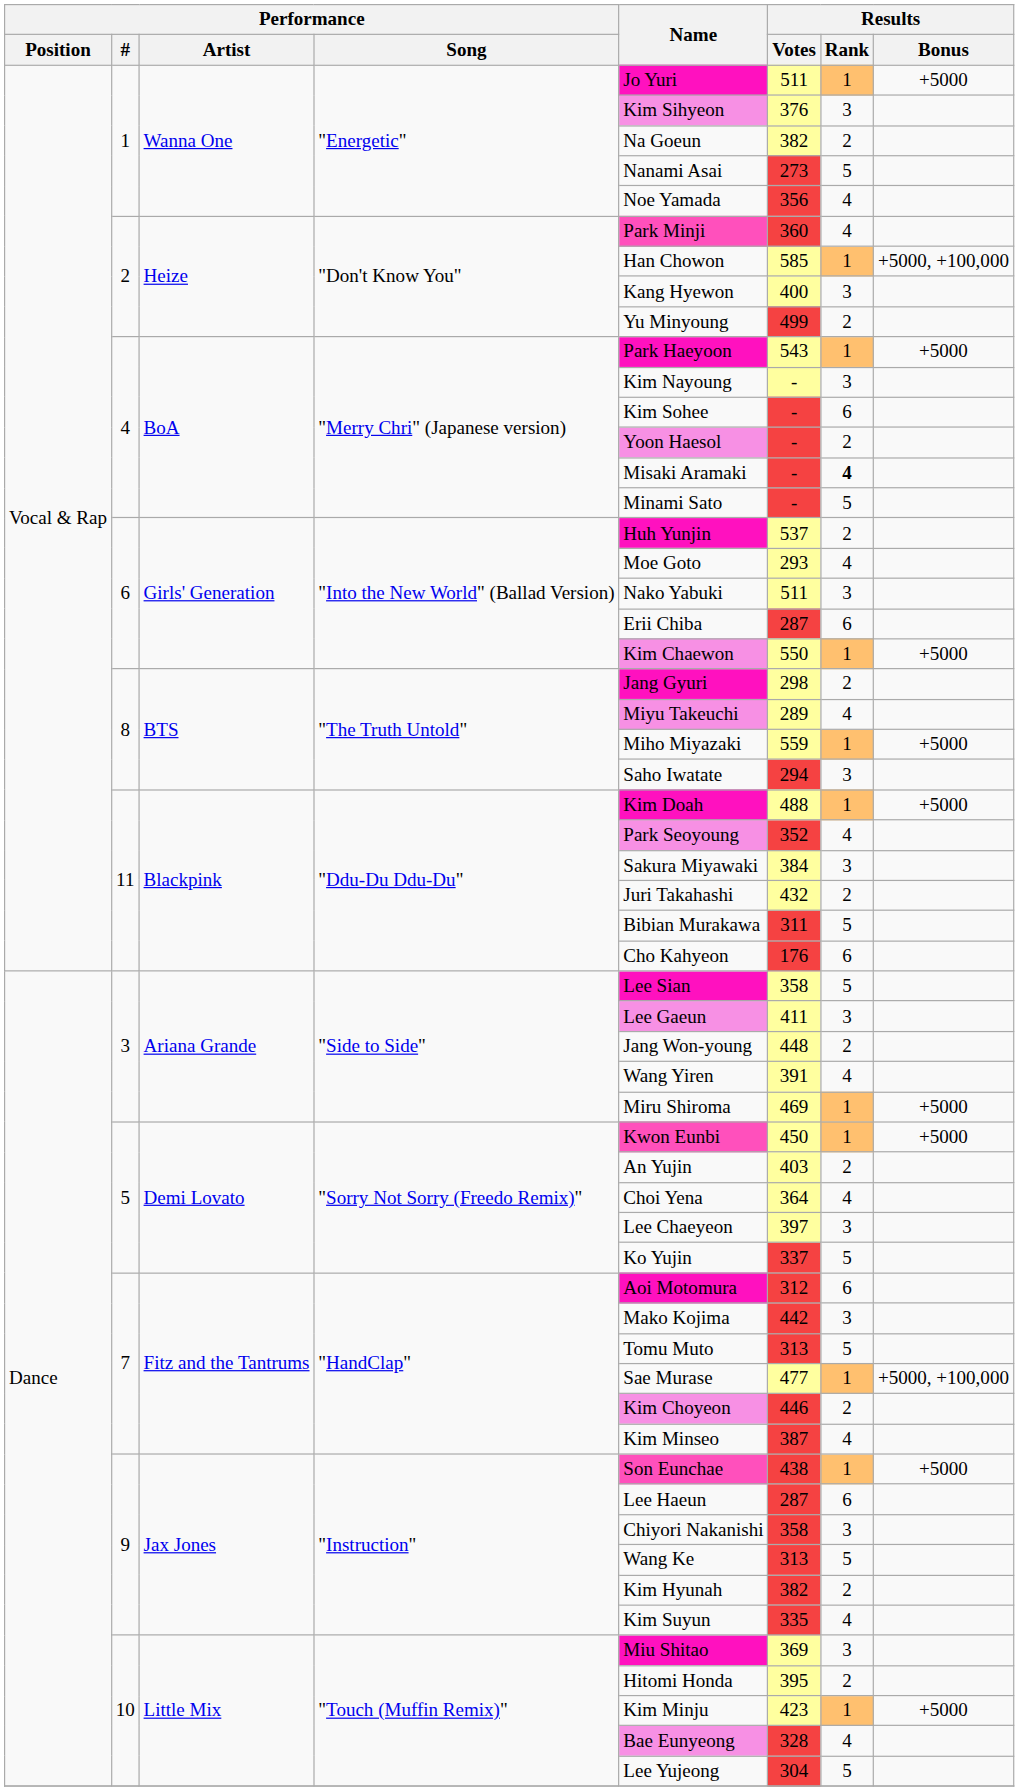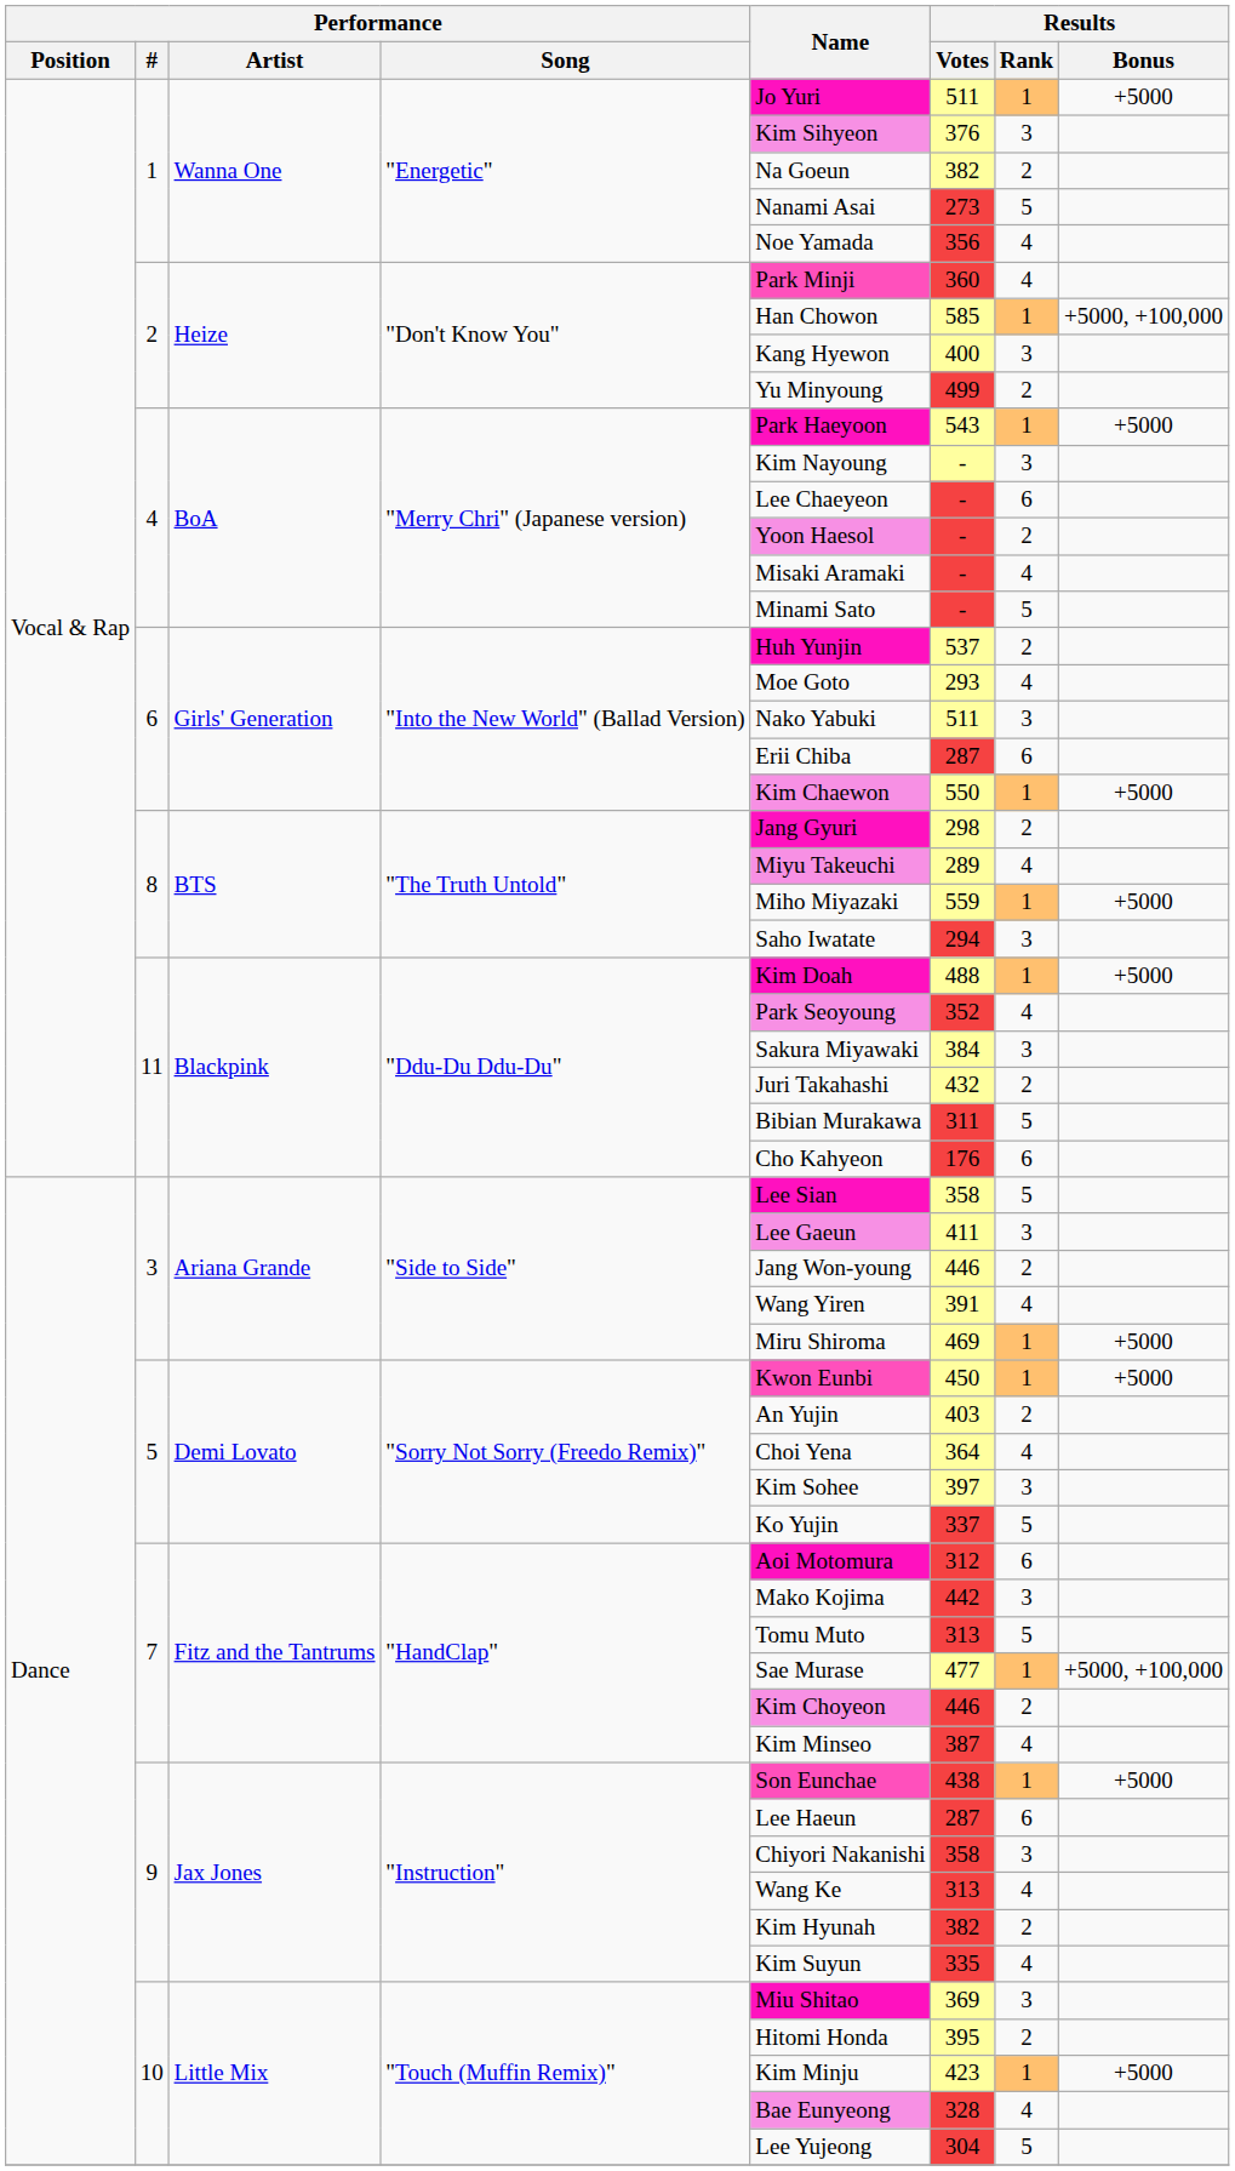 <table class="wikitable sortable" style="text-align:center;">
 <tr>
 <th colspan=4>Performance</th>
 <th rowspan=2>Name</th>
 <th colspan=6>Results</th>
 </tr>
 <tr>
 <th>Position</th>
 <th>#</th>
 <th class=unsortable>Artist</th>
 <th class=unsortable>Song</th>
 <th>Votes</th>
 <th>Rank</th>
 <th>Bonus</th>
 </tr>
 <tr>
 <td rowspan=30 align=left>Vocal & Rap</td>
 <td rowspan=5>1</td>
 <td rowspan=5 align=left><a href='#'>Wanna One</a></td>
 <td rowspan=5 align=left>"<a href='#'>Energetic</a>"</td>
 <td align=left style=background:#FF11BF;>Jo Yuri</td>
 <td style="background:#FFFF9F">511</td>
 <td style=background:#FFC06F;>1</td>
 <td>+5000</td>
 </tr>
 <tr>
 <td align=left style=background:#F790E4;>Kim Sihyeon</td>
 <td style="background:#FFFF9F">376</td>
 <td>3</td>
 <td> </td>
 </tr>
 <tr>
 <td align=left>Na Goeun</td>
 <td style="background:#FFFF9F">382</td>
 <td>2</td>
 <td> </td>
 </tr>
 <tr>
 <td align=left>Nanami Asai</td>
 <td style="background:#F54242">273</td>
 <td>5</td>
 <td> </td>
 </tr>
 <tr>
 <td align=left>Noe Yamada</td>
 <td style="background:#F54242">356</td>
 <td>4</td>
 <td> </td>
 </tr>
 <tr>
 <td rowspan=4>2</td>
 <td rowspan=4 align=left><a href='#'>Heize</a></td>
 <td rowspan=4 align=left>"Don't Know You"</td>
 <td align=left style=background:#FF50BC;>Park Minji</td>
 <td style="background:#F54242">360</td>
 <td>4</td>
 <td> </td>
 </tr>
 <tr>
 <td align=left>Han Chowon</td>
 <td style="background:#FFFF9F">585</td>
 <td style=background:#FFC06F;>1</td>
 <td>+5000, +100,000</td>
 </tr>
 <tr>
 <td align=left>Kang Hyewon</td>
 <td style="background:#FFFF9F">400</td>
 <td>3</td>
 <td> </td>
 </tr>
 <tr>
 <td align=left>Yu Minyoung</td>
 <td style="background:#F54242">499</td>
 <td>2</td>
 <td> </td>
 </tr>
 <tr>
 <td rowspan=6>4</td>
 <td rowspan=6 align=left><a href='#'>BoA</a></td>
 <td rowspan=6 align=left>"<a href='#'>Merry Chri</a>" (Japanese version)</td>
 <td align=left style=background:#FF11BF;>Park Haeyoon</td>
 <td style="background:#FFFF9F">543</td>
 <td style=background:#FFC06F;>1</td>
 <td>+5000</td>
 </tr>
 <tr>
 <td align=left>Kim Nayoung</td>
 <td style="background:#FFFF9F">-</td>
 <td>3</td>
 <td> </td>
 </tr>
 <tr>
-<td align=left>Kim Sohee</td>
+<td align=left>Lee Chaeyeon</td>
 <td style="background:#F54242">-</td>
 <td>6</td>
 <td> </td>
 </tr>
 <tr>
 <td align=left style=background:#F790E4;>Yoon Haesol</td>
 <td style="background:#F54242">-</td>
 <td>2</td>
 <td> </td>
 </tr>
 <tr>
 <td align=left>Misaki Aramaki</td>
 <td style="background:#F54242">-</td>
-<td><strong>4</strong></td>
+<td>4</td>
 <td> </td>
 </tr>
 <tr>
 <td align=left>Minami Sato</td>
 <td style="background:#F54242">-</td>
 <td>5</td>
 <td> </td>
 </tr>
 <tr>
 <td rowspan=5>6</td>
 <td rowspan=5 align=left><a href='#'>Girls' Generation</a></td>
 <td rowspan=5 align=left>"<a href='#'>Into the New World</a>" (Ballad Version)</td>
 <td align=left style=background:#FF11BF;>Huh Yunjin</td>
 <td style="background:#FFFF9F">537</td>
 <td>2</td>
 <td> </td>
 </tr>
 <tr>
 <td align=left>Moe Goto</td>
 <td style="background:#FFFF9F">293</td>
 <td>4</td>
 <td> </td>
 </tr>
 <tr>
 <td align=left>Nako Yabuki</td>
 <td style="background:#FFFF9F">511</td>
 <td>3</td>
 <td> </td>
 </tr>
 <tr>
 <td align=left>Erii Chiba</td>
 <td style="background:#F54242">287</td>
 <td>6</td>
 <td> </td>
 </tr>
 <tr>
 <td align=left style=background:#F790E4;>Kim Chaewon</td>
 <td style="background:#FFFF9F">550</td>
 <td style=background:#FFC06F;>1</td>
 <td>+5000</td>
 </tr>
 <tr>
 <td rowspan=4>8</td>
 <td rowspan=4 align=left><a href='#'>BTS</a></td>
 <td rowspan=4 align=left>"<a href='#'>The Truth Untold</a>"</td>
 <td align=left style=background:#FF11BF;>Jang Gyuri</td>
 <td style="background:#FFFF9F">298</td>
 <td>2</td>
 <td> </td>
 </tr>
 <tr>
 <td align=left style=background:#F790E4;>Miyu Takeuchi</td>
 <td style="background:#FFFF9F">289</td>
 <td>4</td>
 <td> </td>
 </tr>
 <tr>
 <td align=left>Miho Miyazaki</td>
 <td style="background:#FFFF9F">559</td>
 <td style=background:#FFC06F;>1</td>
 <td>+5000</td>
 </tr>
 <tr>
 <td align=left>Saho Iwatate</td>
 <td style="background:#F54242">294</td>
 <td>3</td>
 <td> </td>
 </tr>
 <tr>
 <td rowspan=6>11</td>
 <td rowspan=6 align=left><a href='#'>Blackpink</a></td>
 <td rowspan=6 align=left>"<a href='#'>Ddu-Du Ddu-Du</a>"</td>
 <td align=left style=background:#FF11BF;>Kim Doah</td>
 <td style="background:#FFFF9F">488</td>
 <td style=background:#FFC06F;>1</td>
 <td>+5000</td>
 </tr>
 <tr>
 <td align=left style=background:#F790E4;>Park Seoyoung</td>
 <td style="background:#F54242">352</td>
 <td>4</td>
 <td> </td>
 </tr>
 <tr>
 <td align=left>Sakura Miyawaki</td>
 <td style="background:#FFFF9F">384</td>
 <td>3</td>
 <td> </td>
 </tr>
 <tr>
 <td align=left>Juri Takahashi</td>
 <td style="background:#FFFF9F">432</td>
 <td>2</td>
 <td> </td>
 </tr>
 <tr>
 <td align=left>Bibian Murakawa</td>
 <td style="background:#F54242">311</td>
 <td>5</td>
 <td> </td>
 </tr>
 <tr>
 <td align=left>Cho Kahyeon</td>
 <td style="background:#F54242">176</td>
 <td>6</td>
 <td> </td>
 </tr>
 <tr>
 <td rowspan=27 align=left>Dance</td>
 <td rowspan=5>3</td>
 <td rowspan=5 align=left><a href='#'>Ariana Grande</a></td>
 <td rowspan=5 align=left>"<a href='#'>Side to Side</a>"</td>
 <td align=left style=background:#FF11BF;>Lee Sian</td>
 <td style="background:#FFFF9F">358</td>
 <td>5</td>
 <td> </td>
 </tr>
 <tr>
 <td align=left style=background:#F790E4;>Lee Gaeun</td>
 <td style="background:#FFFF9F">411</td>
 <td>3</td>
 <td> </td>
 </tr>
 <tr>
 <td align=left>Jang Won-young</td>
-<td style="background:#FFFF9F">448</td>
+<td style="background:#FFFF9F">446</td>
 <td>2</td>
 <td> </td>
 </tr>
 <tr>
 <td align=left>Wang Yiren</td>
 <td style="background:#FFFF9F">391</td>
 <td>4</td>
 <td> </td>
 </tr>
 <tr>
 <td align=left>Miru Shiroma</td>
 <td style="background:#FFFF9F">469</td>
 <td style=background:#FFC06F;>1</td>
 <td>+5000</td>
 </tr>
 <tr>
 <td rowspan=5>5</td>
 <td rowspan=5 align=left><a href='#'>Demi Lovato</a></td>
 <td rowspan=5 align=left>"<a href='#'>Sorry Not Sorry (Freedo Remix)</a>"</td>
 <td align=left style=background:#FF50BC;>Kwon Eunbi</td>
 <td style="background:#FFFF9F">450</td>
 <td style=background:#FFC06F;>1</td>
 <td>+5000</td>
 </tr>
 <tr>
 <td align=left>An Yujin</td>
 <td style="background:#FFFF9F">403</td>
 <td>2</td>
 <td> </td>
 </tr>
 <tr>
 <td align=left>Choi Yena</td>
 <td style="background:#FFFF9F">364</td>
 <td>4</td>
 <td> </td>
 </tr>
 <tr>
-<td align=left>Lee Chaeyeon</td>
+<td align=left>Kim Sohee</td>
 <td style="background:#FFFF9F">397</td>
 <td>3</td>
 <td> </td>
 </tr>
 <tr>
 <td align=left>Ko Yujin</td>
 <td style="background:#F54242">337</td>
 <td>5</td>
 <td> </td>
 </tr>
 <tr>
 <td rowspan=6>7</td>
 <td rowspan=6 align=left><a href='#'>Fitz and the Tantrums</a></td>
 <td rowspan=6 align=left>"<a href='#'>HandClap</a>"</td>
 <td align=left style=background:#FF11BF;>Aoi Motomura</td>
 <td style="background:#F54242">312</td>
 <td>6</td>
 <td> </td>
 </tr>
 <tr>
 <td align=left>Mako Kojima</td>
 <td style="background:#F54242">442</td>
 <td>3</td>
 <td> </td>
 </tr>
 <tr>
 <td align=left>Tomu Muto</td>
 <td style="background:#F54242">313</td>
 <td>5</td>
 <td> </td>
 </tr>
 <tr>
 <td align=left>Sae Murase</td>
 <td style="background:#FFFF9F">477</td>
 <td style=background:#FFC06F;>1</td>
 <td>+5000, +100,000</td>
 </tr>
 <tr>
 <td align=left style=background:#F790E4;>Kim Choyeon</td>
 <td style="background:#F54242">446</td>
 <td>2</td>
 <td> </td>
 </tr>
 <tr>
 <td align=left>Kim Minseo</td>
 <td style="background:#F54242">387</td>
 <td>4</td>
 <td> </td>
 </tr>
 <tr>
 <td rowspan=6>9</td>
 <td rowspan=6 align=left><a href='#'>Jax Jones</a></td>
 <td rowspan=6 align=left>"<a href='#'>Instruction</a>"</td>
 <td align=left style=background:#FF50BC;>Son Eunchae</td>
 <td style="background:#F54242">438</td>
 <td style=background:#FFC06F;>1</td>
 <td>+5000</td>
 </tr>
 <tr>
 <td align=left>Lee Haeun</td>
 <td style="background:#F54242">287</td>
 <td>6</td>
 <td> </td>
 </tr>
 <tr>
 <td align=left>Chiyori Nakanishi</td>
 <td style="background:#F54242">358</td>
 <td>3</td>
 <td> </td>
 </tr>
 <tr>
 <td align=left>Wang Ke</td>
 <td style="background:#F54242">313</td>
-<td>5</td>
+<td>4</td>
 <td> </td>
 </tr>
 <tr>
 <td align=left>Kim Hyunah</td>
 <td style="background:#F54242">382</td>
 <td>2</td>
 <td> </td>
 </tr>
 <tr>
 <td align=left>Kim Suyun</td>
 <td style="background:#F54242">335</td>
 <td>4</td>
 <td> </td>
 </tr>
 <tr>
 <td rowspan=5>10</td>
 <td rowspan=5 align=left><a href='#'>Little Mix</a></td>
 <td rowspan=5 align=left>"<a href='#'>Touch (Muffin Remix)</a>"</td>
 <td align=left style=background:#FF11BF;>Miu Shitao</td>
 <td style="background:#FFFF9F">369</td>
 <td>3</td>
 <td> </td>
 </tr>
 <tr>
 <td align=left>Hitomi Honda</td>
 <td style="background:#FFFF9F">395</td>
 <td>2</td>
 <td> </td>
 </tr>
 <tr>
 <td align=left>Kim Minju</td>
 <td style="background:#FFFF9F">423</td>
 <td style=background:#FFC06F;>1</td>
 <td>+5000</td>
 </tr>
 <tr>
 <td align=left style=background:#F790E4;>Bae Eunyeong</td>
 <td style="background:#F54242">328</td>
 <td>4</td>
 <td> </td>
 </tr>
 <tr>
 <td align=left>Lee Yujeong</td>
 <td style="background:#F54242">304</td>
 <td>5</td>
 <td> </td>
 </tr>
 <tr>
 </tr>
 </table>
